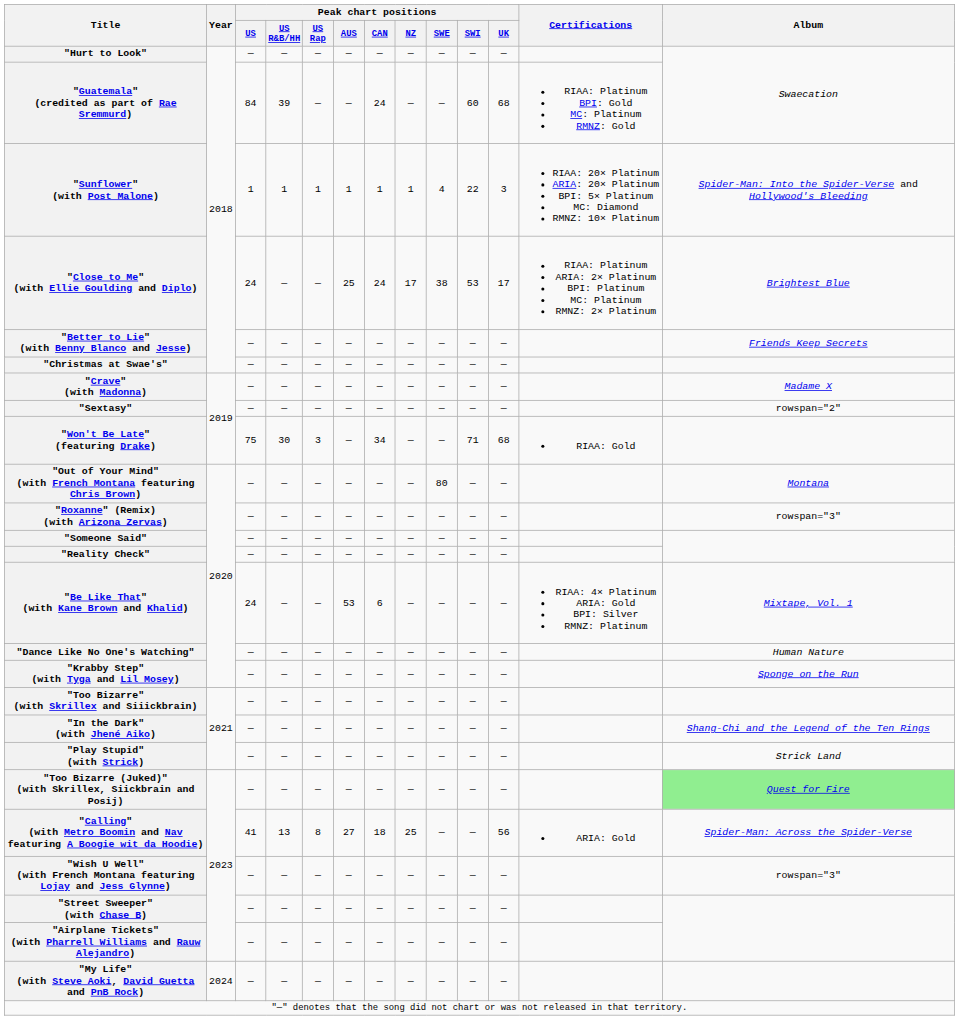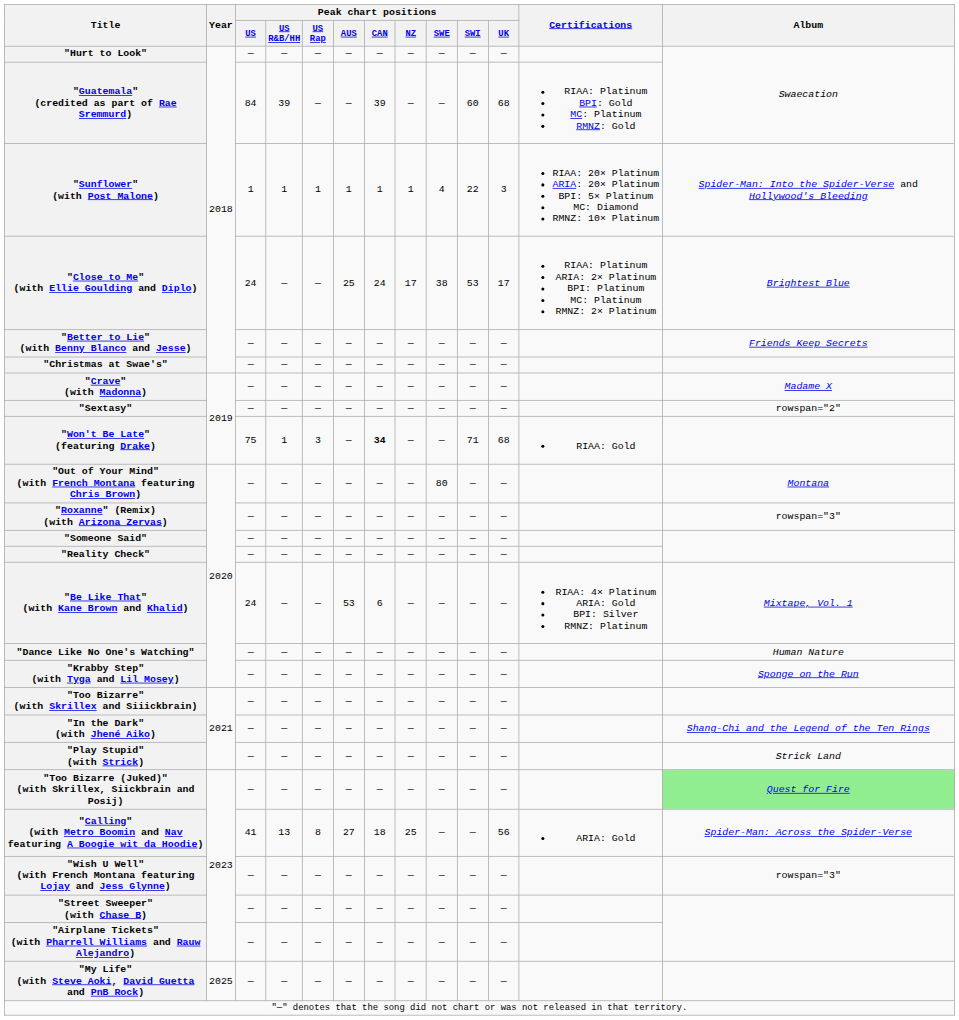 <table class="wikitable plainrowheaders" style="text-align:center;">
 <tr>
 <th scope="col" rowspan="2" style="width:20em;">Title</th>
 <th scope="col" rowspan="2">Year</th>
 <th scope="col" colspan="9">Peak chart positions</th>
 <th scope="col" rowspan="2" style="width:14em;"><a href='#'>Certifications</a></th>
 <th scope="col" rowspan="2">Album</th>
 </tr>
 <tr>
 <th scope="col" style="width:3em;font-size:90%;"><a href='#'>US</a><br></th>
 <th scope="col" style="width:3em;font-size:90%;"><a href='#'>US<br>R&B/HH</a><br></th>
 <th scope="col" style="width:3em;font-size:90%;"><a href='#'>US<br>Rap</a><br></th>
 <th scope="col" style="width:3em;font-size:90%;"><a href='#'>AUS</a><br></th>
 <th scope="col" style="width:3em;font-size:90%;"><a href='#'>CAN</a><br></th>
 <th scope="col" style="width:3em;font-size:90%;"><a href='#'>NZ</a><br></th>
 <th scope="col" style="width:3em;font-size:90%;"><a href='#'>SWE</a><br></th>
 <th scope="col" style="width:3em;font-size:90%;"><a href='#'>SWI</a><br></th>
 <th scope="col" style="width:3em;font-size:90%;"><a href='#'>UK</a><br></th>
 </tr>
 <tr>
 <th scope="row">"Hurt to Look"</th>
 <td rowspan="6">2018</td>
 <td>—</td>
 <td>—</td>
 <td>—</td>
 <td>—</td>
 <td>—</td>
 <td>—</td>
 <td>—</td>
 <td>—</td>
 <td>—</td>
 <td></td>
 <td rowspan="2"><em>Swaecation</em></td>
 </tr>
 <tr>
 <th scope="row">"<a href='#'>Guatemala</a>"<br><span>(credited as part of <a href='#'>Rae Sremmurd</a>)</span></th>
 <td>84</td>
 <td>39</td>
 <td>—</td>
 <td>—</td>
-<td>24</td>
+<td>39</td>
 <td>—</td>
 <td>—</td>
 <td>60</td>
 <td>68</td>
 <td><br><ul><li>RIAA: Platinum</li><li><a href='#'>BPI</a>: Gold</li><li><a href='#'>MC</a>: Platinum</li><li><a href='#'>RMNZ</a>: Gold</li></ul></td>
 </tr>
 <tr>
 <th scope="row">"<a href='#'>Sunflower</a>"<br><span>(with <a href='#'>Post Malone</a>)</span></th>
 <td>1</td>
 <td>1</td>
 <td>1</td>
 <td>1</td>
 <td>1</td>
 <td>1</td>
 <td>4</td>
 <td>22</td>
 <td>3</td>
 <td><br><ul><li>RIAA: 20× Platinum</li><li><a href='#'>ARIA</a>: 20× Platinum</li><li>BPI: 5× Platinum</li><li>MC: Diamond</li><li>RMNZ: 10× Platinum</li></ul></td>
 <td><em><a href='#'>Spider-Man: Into the Spider-Verse</a></em> and <em><a href='#'>Hollywood's Bleeding</a></em></td>
 </tr>
 <tr>
 <th scope="row">"<a href='#'>Close to Me</a>"<br><span>(with <a href='#'>Ellie Goulding</a> and <a href='#'>Diplo</a>)</span></th>
 <td>24</td>
 <td>—</td>
 <td>—</td>
 <td>25</td>
 <td>24</td>
 <td>17</td>
 <td>38</td>
 <td>53</td>
 <td>17</td>
 <td><br><ul><li>RIAA: Platinum</li><li>ARIA: 2× Platinum</li><li>BPI: Platinum</li><li>MC: Platinum</li><li>RMNZ: 2× Platinum</li></ul></td>
 <td><em><a href='#'>Brightest Blue</a></em></td>
 </tr>
 <tr>
 <th scope="row">"<a href='#'>Better to Lie</a>"<br><span>(with <a href='#'>Benny Blanco</a> and <a href='#'>Jesse</a>)</span></th>
 <td>—</td>
 <td>—</td>
 <td>—</td>
 <td>—</td>
 <td>—</td>
 <td>—</td>
 <td>—</td>
 <td>—</td>
 <td>—</td>
 <td></td>
 <td><em><a href='#'>Friends Keep Secrets</a></em></td>
 </tr>
 <tr>
 <th scope="row">"Christmas at Swae's"</th>
 <td>—</td>
 <td>—</td>
 <td>—</td>
 <td>—</td>
 <td>—</td>
 <td>—</td>
 <td>—</td>
 <td>—</td>
 <td>—</td>
 <td></td>
 <td></td>
 </tr>
 <tr>
 <th scope="row">"<a href='#'>Crave</a>"<br><span>(with <a href='#'>Madonna</a>)</span></th>
 <td rowspan="3">2019</td>
 <td>—</td>
 <td>—</td>
 <td>—</td>
 <td>—</td>
 <td>—</td>
 <td>—</td>
 <td>—</td>
 <td>—</td>
 <td>—</td>
 <td></td>
 <td><em><a href='#'>Madame X</a></em></td>
 </tr>
 <tr>
 <th scope="row">"Sextasy"</th>
 <td>—</td>
 <td>—</td>
 <td>—</td>
 <td>—</td>
 <td>—</td>
 <td>—</td>
 <td>—</td>
 <td>—</td>
 <td>—</td>
 <td></td>
 <td>rowspan="2" </td>
 </tr>
 <tr>
 <th scope="row">"<a href='#'>Won't Be Late</a>"<br><span>(featuring <a href='#'>Drake</a>)</span></th>
 <td>75</td>
-<td>30</td>
+<td>1</td>
 <td>3</td>
 <td>—</td>
-<td>34</td>
+<td><strong>34</strong></td>
 <td>—</td>
 <td>—</td>
 <td>71</td>
 <td>68</td>
 <td><br><ul><li>RIAA: Gold</li></ul></td>
 </tr>
 <tr>
 <th scope="row">"Out of Your Mind"<br><span>(with <a href='#'>French Montana</a> featuring <a href='#'>Chris Brown</a>)</span></th>
 <td rowspan="7">2020</td>
 <td>—</td>
 <td>—</td>
 <td>—</td>
 <td>—</td>
 <td>—</td>
 <td>—</td>
 <td>80</td>
 <td>—</td>
 <td>—</td>
 <td></td>
 <td><em><a href='#'>Montana</a></em></td>
 </tr>
 <tr>
 <th scope="row">"<a href='#'>Roxanne</a>" (Remix)<br><span>(with <a href='#'>Arizona Zervas</a>)</span></th>
 <td>—</td>
 <td>—</td>
 <td>—</td>
 <td>—</td>
 <td>—</td>
 <td>—</td>
 <td>—</td>
 <td>—</td>
 <td>—</td>
 <td></td>
 <td>rowspan="3" </td>
 </tr>
 <tr>
 <th scope="row">"Someone Said"</th>
 <td>—</td>
 <td>—</td>
 <td>—</td>
 <td>—</td>
 <td>—</td>
 <td>—</td>
 <td>—</td>
 <td>—</td>
 <td>—</td>
 <td></td>
 </tr>
 <tr>
 <th scope="row">"Reality Check"</th>
 <td>—</td>
 <td>—</td>
 <td>—</td>
 <td>—</td>
 <td>—</td>
 <td>—</td>
 <td>—</td>
 <td>—</td>
 <td>—</td>
 <td></td>
 </tr>
 <tr>
 <th scope="row">"<a href='#'>Be Like That</a>"<br><span>(with <a href='#'>Kane Brown</a> and <a href='#'>Khalid</a>)</span></th>
 <td>24</td>
 <td>—</td>
 <td>—</td>
 <td>53</td>
 <td>6</td>
 <td>—</td>
 <td>—</td>
 <td>—</td>
 <td>—</td>
 <td><br><ul><li>RIAA: 4× Platinum</li><li>ARIA: Gold</li><li>BPI: Silver</li><li>RMNZ: Platinum</li></ul></td>
 <td><em><a href='#'>Mixtape, Vol. 1</a></em></td>
 </tr>
 <tr>
 <th scope="row">"Dance Like No One's Watching"</th>
 <td>—</td>
 <td>—</td>
 <td>—</td>
 <td>—</td>
 <td>—</td>
 <td>—</td>
 <td>—</td>
 <td>—</td>
 <td>—</td>
 <td></td>
 <td><em>Human Nature</em></td>
 </tr>
 <tr>
 <th scope="row">"Krabby Step"<br><span>(with <a href='#'>Tyga</a> and <a href='#'>Lil Mosey</a>)</span></th>
 <td>—</td>
 <td>—</td>
 <td>—</td>
 <td>—</td>
 <td>—</td>
 <td>—</td>
 <td>—</td>
 <td>—</td>
 <td>—</td>
 <td></td>
 <td><em><a href='#'>Sponge on the Run</a></em></td>
 </tr>
 <tr>
 <th scope="row">"Too Bizarre"<br><span>(with <a href='#'>Skrillex</a> and Siiickbrain)</span></th>
 <td rowspan="3">2021</td>
 <td>—</td>
 <td>—</td>
 <td>—</td>
 <td>—</td>
 <td>—</td>
 <td>—</td>
 <td>—</td>
 <td>—</td>
 <td>—</td>
 <td></td>
 <td></td>
 </tr>
 <tr>
 <th scope="row">"In the Dark"<br><span>(with <a href='#'>Jhené Aiko</a>)</span></th>
 <td>—</td>
 <td>—</td>
 <td>—</td>
 <td>—</td>
 <td>—</td>
 <td>—</td>
 <td>—</td>
 <td>—</td>
 <td>—</td>
 <td></td>
 <td><em><a href='#'>Shang-Chi and the Legend of the Ten Rings</a></em></td>
 </tr>
 <tr>
 <th scope="row">"Play Stupid"<br><span>(with <a href='#'>Strick</a>)</span></th>
 <td>—</td>
 <td>—</td>
 <td>—</td>
 <td>—</td>
 <td>—</td>
 <td>—</td>
 <td>—</td>
 <td>—</td>
 <td>—</td>
 <td></td>
 <td><em>Strick Land</em></td>
 </tr>
 <tr>
 <th scope="row">"Too Bizarre (Juked)"<br><span>(with Skrillex, Siickbrain and Posij)</span></th>
 <td rowspan="5">2023</td>
 <td>—</td>
 <td>—</td>
 <td>—</td>
 <td>—</td>
 <td>—</td>
 <td>—</td>
 <td>—</td>
 <td>—</td>
 <td>—</td>
 <td></td>
 <td style="background: lightgreen;"><em><a href='#'>Quest for Fire</a></em></td>
 </tr>
 <tr>
 <th scope="row">"<a href='#'>Calling</a>"<br><span>(with <a href='#'>Metro Boomin</a> and <a href='#'>Nav</a> featuring <a href='#'>A Boogie wit da Hoodie</a>)</span></th>
 <td>41</td>
 <td>13</td>
 <td>8</td>
 <td>27</td>
 <td>18</td>
 <td>25</td>
 <td>—</td>
 <td>—</td>
 <td>56</td>
 <td><br><ul><li>ARIA: Gold</li></ul></td>
 <td><em><a href='#'>Spider-Man: Across the Spider-Verse</a></em></td>
 </tr>
 <tr>
 <th scope="row">"Wish U Well"<br><span>(with French Montana featuring <a href='#'>Lojay</a> and <a href='#'>Jess Glynne</a>)</span></th>
 <td>—</td>
 <td>—</td>
 <td>—</td>
 <td>—</td>
 <td>—</td>
 <td>—</td>
 <td>—</td>
 <td>—</td>
 <td>—</td>
 <td></td>
 <td>rowspan="3" </td>
 </tr>
 <tr>
 <th scope="row">"Street Sweeper"<br><span>(with <a href='#'>Chase B</a>)</span></th>
 <td>—</td>
 <td>—</td>
 <td>—</td>
 <td>—</td>
 <td>—</td>
 <td>—</td>
 <td>—</td>
 <td>—</td>
 <td>—</td>
 <td></td>
 </tr>
 <tr>
 <th scope="row">"Airplane Tickets"<br><span>(with <a href='#'>Pharrell Williams</a> and <a href='#'>Rauw Alejandro</a>)</span></th>
 <td>—</td>
 <td>—</td>
 <td>—</td>
 <td>—</td>
 <td>—</td>
 <td>—</td>
 <td>—</td>
 <td>—</td>
 <td>—</td>
 <td></td>
 </tr>
 <tr>
 <th scope="row">"My Life"<br><span>(with <a href='#'>Steve Aoki</a>, <a href='#'>David Guetta</a> and <a href='#'>PnB Rock</a>)</span></th>
-<td>2024</td>
+<td>2025</td>
 <td>—</td>
 <td>—</td>
 <td>—</td>
 <td>—</td>
 <td>—</td>
 <td>—</td>
 <td>—</td>
 <td>—</td>
 <td>—</td>
 <td></td>
 <td></td>
 </tr>
 <tr>
 <td colspan="16" style="font-size:90%">"—" denotes that the song did not chart or was not released in that territory.</td>
 </tr>
 </table>
